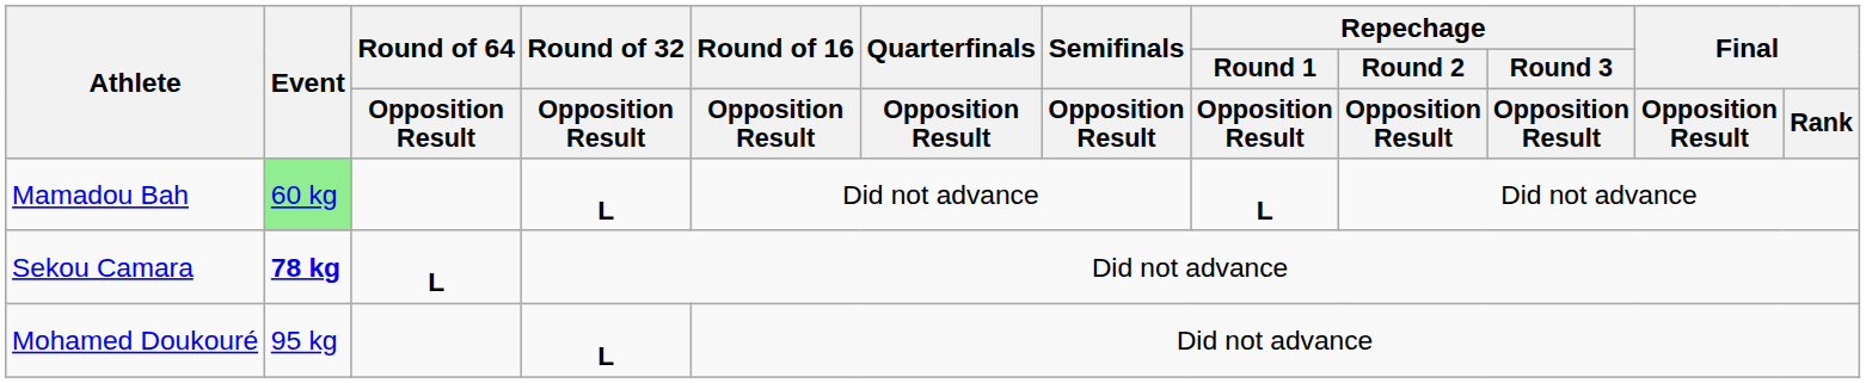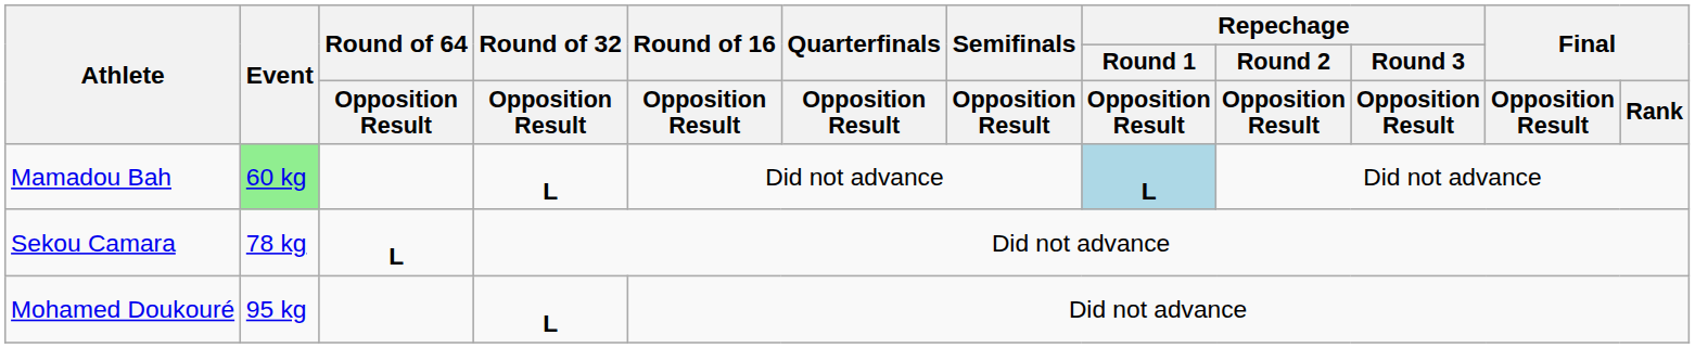 <table class="wikitable" style="font-size:90%">
 <tr>
 <th rowspan="3">Athlete</th>
 <th rowspan="3">Event</th>
 <th rowspan="2">Round of 64</th>
 <th rowspan="2">Round of 32</th>
 <th rowspan="2">Round of 16</th>
 <th rowspan="2">Quarterfinals</th>
 <th rowspan="2">Semifinals</th>
 <th colspan=3>Repechage</th>
 <th rowspan="2" colspan=2>Final</th>
 </tr>
 <tr style="font-size:95%">
 <th>Round 1</th>
 <th>Round 2</th>
 <th>Round 3</th>
 </tr>
 <tr style="font-size:95%">
 <th>Opposition<br>Result</th>
 <th>Opposition<br>Result</th>
 <th>Opposition<br>Result</th>
 <th>Opposition<br>Result</th>
 <th>Opposition<br>Result</th>
 <th>Opposition<br>Result</th>
 <th>Opposition<br>Result</th>
 <th>Opposition<br>Result</th>
 <th>Opposition<br>Result</th>
 <th>Rank</th>
 </tr>
 <tr align=center>
 <td align=left><a href='#'>Mamadou Bah</a></td>
 <td align=left style="background: lightgreen;"><a href='#'>60 kg</a></td>
 <td></td>
 <td><br><strong>L</strong></td>
 <td colspan=3>Did not advance</td>
-<td><br><strong>L</strong></td>
+<td style="background: lightblue;"><br><strong>L</strong></td>
 <td colspan=4>Did not advance</td>
 </tr>
 <tr align=center>
 <td align=left><a href='#'>Sekou Camara</a></td>
-<td align=left><strong><a href='#'>78 kg</a></strong></td>
+<td align=left><a href='#'>78 kg</a></td>
 <td><br><strong>L</strong></td>
 <td colspan=9>Did not advance</td>
 </tr>
 <tr align=center>
 <td align=left><a href='#'>Mohamed Doukouré</a></td>
 <td align=left><a href='#'>95 kg</a></td>
 <td></td>
 <td><br><strong>L</strong></td>
 <td colspan=8>Did not advance</td>
 </tr>
 </table>
